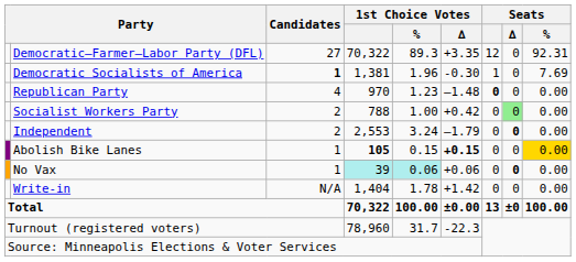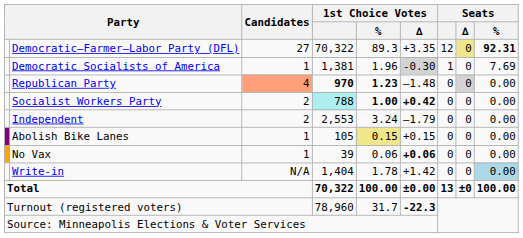 <table class="wikitable">
 <tr>
 <th rowspan="2" colspan="2">Party</th>
 <th rowspan="2">Candidates</th>
 <th colspan="3">1st Choice Votes</th>
 <th colspan="3">Seats</th>
 </tr>
 <tr>
 <th></th>
 <th>%</th>
 <th>∆</th>
 <th></th>
 <th>∆</th>
 <th>%</th>
 </tr>
 <tr>
 <td style="background-color:"></td>
 <td><a href='#'>Democratic–Farmer–Labor Party (DFL)</a></td>
 <td align="right">27</td>
 <td align="right">70,322</td>
 <td align="right">89.3</td>
 <td align="right">+3.35</td>
 <td align="right">12</td>
-<td align="right">0</td>
-<td align="right">92.31</td>
+<td align="right" style="background: khaki;">0</td>
+<td align="right"><strong>92.31</strong></td>
 </tr>
 <tr>
 <td style="background-color:"></td>
 <td><a href='#'>Democratic Socialists of America</a></td>
-<td align="right"><strong>1</strong></td>
+<td align="right">1</td>
 <td align="right">1,381</td>
 <td align="right">1.96</td>
-<td align="right">-0.30</td>
+<td align="right" style="background: lightgrey;">-0.30</td>
 <td align="right">1</td>
 <td align="right">0</td>
 <td align="right">7.69</td>
 </tr>
 <tr>
 <td style="background-color:"></td>
 <td><a href='#'>Republican Party</a></td>
-<td align="right">4</td>
-<td align="right">970</td>
-<td align="right">1.23</td>
+<td align="right" style="background: lightsalmon;">4</td>
+<td align="right"><strong>970</strong></td>
+<td align="right"><strong>1.23</strong></td>
 <td align="right">–1.48</td>
-<td align="right"><strong>0</strong></td>
 <td align="right">0</td>
+<td align="right" style="background: lightgrey;">0</td>
 <td align="right">0.00</td>
 </tr>
 <tr>
 <td style="background-color:"></td>
 <td><a href='#'>Socialist Workers Party</a></td>
 <td align="right">2</td>
-<td align="right">788</td>
-<td align="right">1.00</td>
-<td align="right">+0.42</td>
+<td align="right" style="background: paleturquoise;">788</td>
+<td align="right"><strong>1.00</strong></td>
+<td align="right"><strong>+0.42</strong></td>
 <td align="right">0</td>
-<td align="right" style="background: lightgreen;">0</td>
+<td align="right">0</td>
 <td align="right">0.00</td>
 </tr>
 <tr>
 <td style="background-color:"></td>
 <td><a href='#'>Independent</a></td>
 <td align="right">2</td>
 <td align="right">2,553</td>
 <td align="right">3.24</td>
 <td align="right">–1.79</td>
 <td align="right">0</td>
-<td align="right"><strong>0</strong></td>
+<td align="right">0</td>
 <td align="right">0.00</td>
 </tr>
 <tr>
 <td style="background-color:purple"></td>
 <td>Abolish Bike Lanes</td>
 <td align="right">1</td>
-<td align="right"><strong>105</strong></td>
-<td align="right">0.15</td>
-<td align="right"><strong>+0.15</strong></td>
+<td align="right">105</td>
+<td align="right" style="background: khaki;">0.15</td>
+<td align="right">+0.15</td>
 <td align="right">0</td>
 <td align="right">0</td>
-<td align="right" style="background: gold;">0.00</td>
+<td align="right">0.00</td>
 </tr>
 <tr>
 <td style="background-color:orange"></td>
 <td>No Vax</td>
 <td align="right">1</td>
-<td align="right" style="background: paleturquoise;">39</td>
-<td align="right" style="background: paleturquoise;">0.06</td>
-<td align="right">+0.06</td>
+<td align="right">39</td>
+<td align="right">0.06</td>
+<td align="right"><strong>+0.06</strong></td>
 <td align="right">0</td>
-<td align="right"><strong>0</strong></td>
+<td align="right">0</td>
 <td align="right">0.00</td>
 </tr>
 <tr>
 <td style="background-color:"></td>
 <td><a href='#'>Write-in</a></td>
 <td align="right">N/A</td>
 <td align="right">1,404</td>
 <td align="right">1.78</td>
 <td align="right">+1.42</td>
 <td align="right">0</td>
 <td align="right">0</td>
-<td align="right">0.00</td>
+<td align="right" style="background: lightblue;">0.00</td>
 </tr>
 <tr>
 <td colspan="3" align="left"><strong>Total</strong></td>
 <td align="right"><strong>70,322</strong></td>
 <td align="right"><strong>100.00</strong></td>
 <td align="right"><strong>±0.00</strong></td>
 <td align="right"><strong>13</strong></td>
 <td align="right"><strong>±0</strong></td>
 <td align="right"><strong>100.00</strong></td>
 </tr>
 <tr>
 <td colspan="3" align="left">Turnout (registered voters)</td>
 <td colspan="1" align="right">78,960</td>
 <td colspan="1" align="right">31.7</td>
-<td colspan="1" align="right">-22.3</td>
+<td colspan="1" align="right"><strong>-22.3</strong></td>
 </tr>
 <tr>
 <td colspan="6">Source: Minneapolis Elections & Voter Services</td>
 </tr>
 </table>
